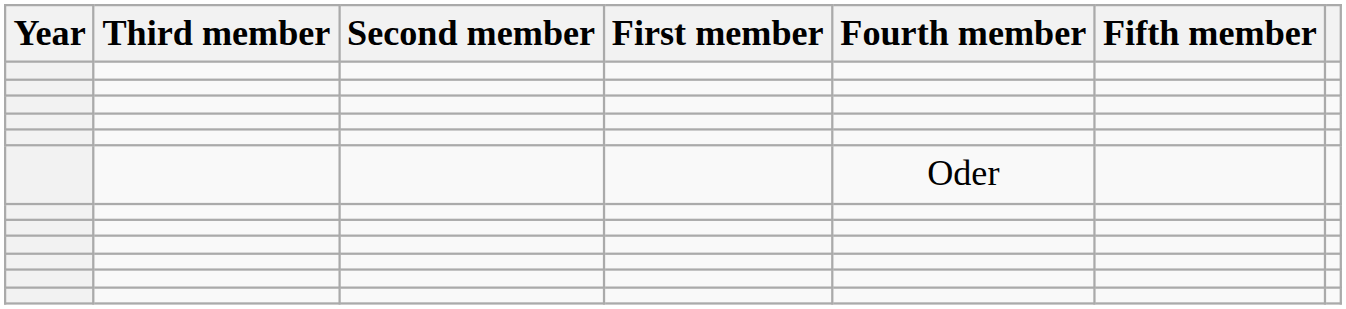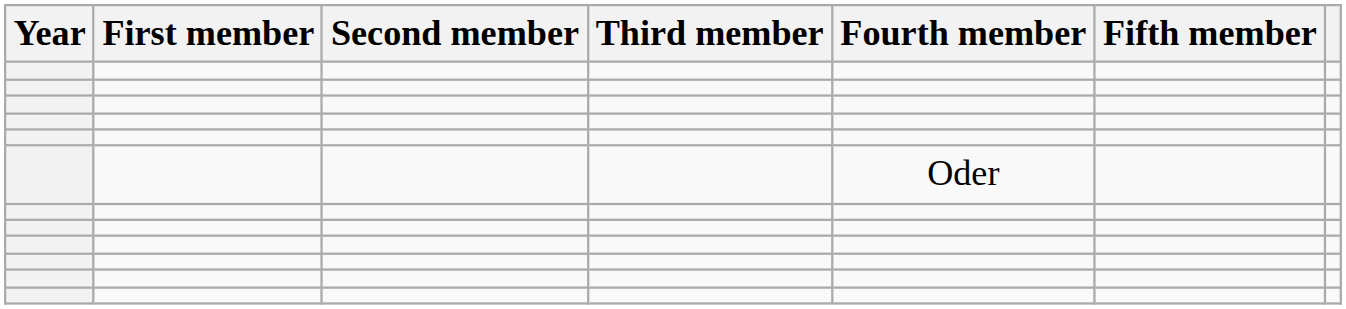 <table class="wikitable plainrowheaders sortable" style="text-align:center">
 <tr>
 <th>Year</th>
+<th>First member</th>
+<th>Second member</th>
 <th>Third member</th>
-<th>Second member</th>
-<th>First member</th>
 <th>Fourth member</th>
 <th>Fifth member</th>
 <th scope=col class="unsortable"></th>
 </tr>
 <tr>
 <th scope="row"></th>
 <td></td>
 <td></td>
 <td></td>
 <td></td>
 <td></td>
 <td></td>
 </tr>
 <tr>
 <th scope="row"></th>
 <td></td>
 <td></td>
 <td></td>
 <td></td>
 <td></td>
 <td></td>
 </tr>
 <tr>
 <th scope="row"></th>
 <td></td>
 <td></td>
 <td></td>
 <td></td>
 <td></td>
 <td></td>
 </tr>
 <tr>
 <th scope="row"></th>
 <td></td>
 <td></td>
 <td></td>
 <td></td>
 <td></td>
 <td></td>
 </tr>
 <tr>
 <th scope="row"></th>
 <td></td>
 <td></td>
 <td></td>
 <td></td>
 <td></td>
 <td></td>
 </tr>
 <tr>
 <th scope="row"></th>
 <td></td>
 <td></td>
 <td></td>
 <td>Oder</td>
 <td></td>
 <td></td>
 </tr>
 <tr>
 <th scope="row"></th>
 <td></td>
 <td></td>
 <td></td>
 <td></td>
 <td></td>
 <td></td>
 </tr>
 <tr>
 <th scope="row"></th>
 <td></td>
 <td></td>
 <td></td>
 <td></td>
 <td></td>
 <td></td>
 </tr>
 <tr>
 <th scope="row"></th>
 <td></td>
 <td></td>
 <td></td>
 <td></td>
 <td></td>
 <td></td>
 </tr>
 <tr>
 <th scope="row"></th>
 <td></td>
 <td></td>
 <td></td>
 <td></td>
 <td></td>
 <td></td>
 </tr>
 <tr>
 <th scope="row"></th>
 <td></td>
 <td></td>
 <td></td>
 <td></td>
 <td></td>
 <td></td>
 </tr>
 <tr>
 <th scope="row"></th>
 <td></td>
 <td></td>
 <td></td>
 <td></td>
 <td></td>
 <td></td>
 </tr>
 </table>
